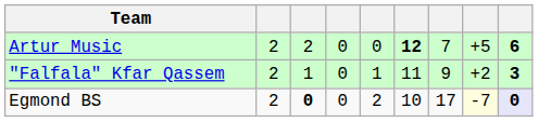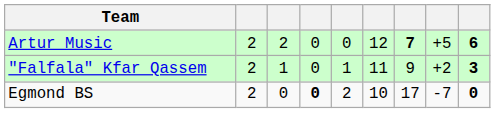 <table class="wikitable" style="text-align: center;">
 <tr>
 <th width="185">Team</th>
 <th width="20"></th>
 <th width="20"></th>
 <th width="20"></th>
 <th width="20"></th>
 <th width="20"></th>
 <th width="20"></th>
 <th width="20"></th>
 <th width="20"></th>
 </tr>
 <tr bgcolor=#ccffcc>
 <td align=left> <a href='#'>Artur Music</a></td>
 <td>2</td>
 <td>2</td>
 <td>0</td>
 <td>0</td>
-<td><strong>12</strong></td>
-<td>7</td>
+<td>12</td>
+<td><strong>7</strong></td>
 <td>+5</td>
 <td><strong>6</strong></td>
 </tr>
 <tr bgcolor=#ccffcc>
 <td align=left> <a href='#'>"Falfala" Kfar Qassem</a></td>
 <td>2</td>
 <td>1</td>
 <td>0</td>
 <td>1</td>
 <td>11</td>
 <td>9</td>
 <td>+2</td>
 <td><strong>3</strong></td>
 </tr>
 <tr>
 <td align=left> Egmond BS</td>
 <td>2</td>
+<td>0</td>
 <td><strong>0</strong></td>
-<td>0</td>
 <td>2</td>
 <td>10</td>
 <td>17</td>
-<td style="background: lightyellow;">-7</td>
-<td style="background: lavender;"><strong>0</strong></td>
+<td>-7</td>
+<td><strong>0</strong></td>
 </tr>
 </table>
